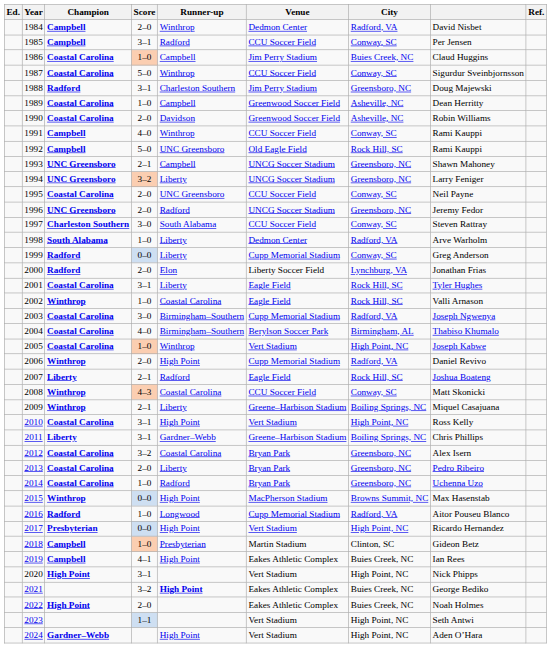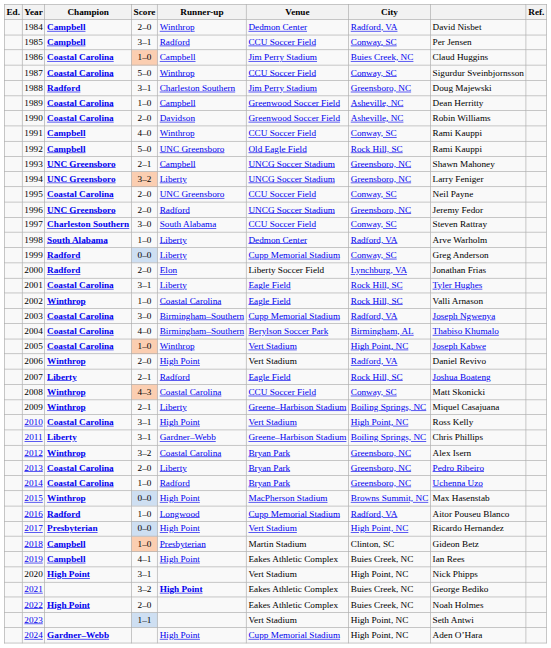 <table class="wikitable sortable"; style= "font-size:90%">
 <tr>
 <th width=px>Ed.</th>
 <th width=px>Year</th>
 <th width=px>Champion</th>
 <th width=px>Score</th>
 <th width=px>Runner-up</th>
 <th width=px>Venue</th>
 <th width=px>City</th>
 <th width=px></th>
 <th width=px>Ref.</th>
 </tr>
 <tr>
 <td></td>
 <td align=center>1984</td>
 <td><strong><a href='#'>Campbell</a></strong> </td>
 <td align=center>2–0</td>
 <td><a href='#'>Winthrop</a></td>
 <td><a href='#'>Dedmon Center</a></td>
 <td><a href='#'>Radford, VA</a></td>
 <td>David Nisbet </td>
 <td align=center></td>
 </tr>
 <tr>
 <td></td>
 <td align=center>1985</td>
 <td><strong><a href='#'>Campbell</a></strong> </td>
 <td align=center>3–1</td>
 <td><a href='#'>Radford</a></td>
 <td><a href='#'>CCU Soccer Field</a></td>
 <td><a href='#'>Conway, SC</a></td>
 <td>Per Jensen </td>
 <td align=center></td>
 </tr>
 <tr>
 <td></td>
 <td align=center>1986</td>
 <td><strong><a href='#'>Coastal Carolina</a></strong> </td>
 <td align=center style="background-color:#FBCEB1">1–0 </td>
 <td><a href='#'>Campbell</a></td>
 <td><a href='#'>Jim Perry Stadium</a></td>
 <td><a href='#'>Buies Creek, NC</a></td>
 <td>Claud Huggins </td>
 <td align=center></td>
 </tr>
 <tr>
 <td></td>
 <td align=center>1987</td>
 <td><strong><a href='#'>Coastal Carolina</a></strong> </td>
 <td align=center>5–0</td>
 <td><a href='#'>Winthrop</a></td>
 <td><a href='#'>CCU Soccer Field</a></td>
 <td><a href='#'>Conway, SC</a></td>
 <td>Sigurdur Sveinbjornsson </td>
 <td align=center></td>
 </tr>
 <tr>
 <td></td>
 <td align=center>1988</td>
 <td><strong><a href='#'>Radford</a></strong> </td>
 <td align=center>3–1</td>
 <td><a href='#'>Charleston Southern</a></td>
 <td><a href='#'>Jim Perry Stadium</a></td>
 <td><a href='#'>Greensboro, NC</a></td>
 <td>Doug Majewski </td>
 <td align=center></td>
 </tr>
 <tr>
 <td></td>
 <td align=center>1989</td>
 <td><strong><a href='#'>Coastal Carolina</a></strong> </td>
 <td align=center>1–0</td>
 <td><a href='#'>Campbell</a></td>
 <td><a href='#'>Greenwood Soccer Field</a></td>
 <td><a href='#'>Asheville, NC</a></td>
 <td>Dean Herritty </td>
 <td align=center></td>
 </tr>
 <tr>
 <td></td>
 <td align=center>1990</td>
 <td><strong><a href='#'>Coastal Carolina</a></strong> </td>
 <td align=center>2–0</td>
 <td><a href='#'>Davidson</a></td>
 <td><a href='#'>Greenwood Soccer Field</a></td>
 <td><a href='#'>Asheville, NC</a></td>
 <td>Robin Williams </td>
 <td align=center></td>
 </tr>
 <tr>
 <td></td>
 <td align=center>1991</td>
 <td><strong><a href='#'>Campbell</a></strong> </td>
 <td align=center>4–0</td>
 <td><a href='#'>Winthrop</a></td>
 <td><a href='#'>CCU Soccer Field</a></td>
 <td><a href='#'>Conway, SC</a></td>
 <td>Rami Kauppi </td>
 <td align=center></td>
 </tr>
 <tr>
 <td></td>
 <td align=center>1992</td>
 <td><strong><a href='#'>Campbell</a></strong> </td>
 <td align=center>5–0</td>
 <td><a href='#'>UNC Greensboro</a></td>
 <td><a href='#'>Old Eagle Field</a></td>
 <td><a href='#'>Rock Hill, SC</a></td>
 <td>Rami Kauppi </td>
 <td align=center></td>
 </tr>
 <tr>
 <td></td>
 <td align=center>1993</td>
 <td><strong><a href='#'>UNC Greensboro</a></strong> </td>
 <td align=center>2–1</td>
 <td><a href='#'>Campbell</a></td>
 <td><a href='#'>UNCG Soccer Stadium</a></td>
 <td><a href='#'>Greensboro, NC</a></td>
 <td>Shawn Mahoney </td>
 <td align=center></td>
 </tr>
 <tr>
 <td></td>
 <td align=center>1994</td>
 <td><strong><a href='#'>UNC Greensboro</a></strong> </td>
 <td align=center style="background-color:#FBCEB1">3–2 </td>
 <td><a href='#'>Liberty</a></td>
 <td><a href='#'>UNCG Soccer Stadium</a></td>
 <td><a href='#'>Greensboro, NC</a></td>
 <td>Larry Feniger </td>
 <td align=center></td>
 </tr>
 <tr>
 <td></td>
 <td align=center>1995</td>
 <td><strong><a href='#'>Coastal Carolina</a></strong> </td>
 <td align=center>2–0</td>
 <td><a href='#'>UNC Greensboro</a></td>
 <td><a href='#'>CCU Soccer Field</a></td>
 <td><a href='#'>Conway, SC</a></td>
 <td>Neil Payne </td>
 <td align=center></td>
 </tr>
 <tr>
 <td></td>
 <td align=center>1996</td>
 <td><strong><a href='#'>UNC Greensboro</a></strong> </td>
 <td align=center>2–0</td>
 <td><a href='#'>Radford</a></td>
 <td><a href='#'>UNCG Soccer Stadium</a></td>
 <td><a href='#'>Greensboro, NC</a></td>
 <td>Jeremy Fedor </td>
 <td align=center></td>
 </tr>
 <tr>
 <td></td>
 <td align=center>1997</td>
 <td><strong><a href='#'>Charleston Southern</a></strong></td>
 <td align=center>3–0</td>
 <td><a href='#'>South Alabama</a></td>
 <td><a href='#'>CCU Soccer Field</a></td>
 <td><a href='#'>Conway, SC</a></td>
 <td>Steven Rattray </td>
 <td align=center></td>
 </tr>
 <tr>
 <td></td>
 <td align=center>1998</td>
 <td><strong><a href='#'>South Alabama</a></strong></td>
 <td align=center>1–0</td>
 <td><a href='#'>Liberty</a></td>
 <td><a href='#'>Dedmon Center</a></td>
 <td><a href='#'>Radford, VA</a></td>
 <td>Arve Warholm </td>
 <td align=center></td>
 </tr>
 <tr>
 <td></td>
 <td align=center>1999</td>
 <td><strong><a href='#'>Radford</a></strong> </td>
 <td align=center style="background-color:#cedff2">0–0 </td>
 <td><a href='#'>Liberty</a></td>
 <td><a href='#'>Cupp Memorial Stadium</a></td>
 <td><a href='#'>Conway, SC</a></td>
 <td>Greg Anderson </td>
 <td align=center></td>
 </tr>
 <tr>
 <td></td>
 <td align=center>2000</td>
 <td><strong><a href='#'>Radford</a></strong> </td>
 <td align=center>2–0</td>
 <td><a href='#'>Elon</a></td>
 <td>Liberty Soccer Field</td>
 <td><a href='#'>Lynchburg, VA</a></td>
 <td>Jonathan Frias </td>
 <td align=center></td>
 </tr>
 <tr>
 <td></td>
 <td align=center>2001</td>
 <td><strong><a href='#'>Coastal Carolina</a></strong> </td>
 <td align=center>3–1</td>
 <td><a href='#'>Liberty</a></td>
 <td><a href='#'>Eagle Field</a></td>
 <td><a href='#'>Rock Hill, SC</a></td>
 <td><a href='#'>Tyler Hughes</a> </td>
 <td align=center></td>
 </tr>
 <tr>
 <td></td>
 <td align=center>2002</td>
 <td><strong><a href='#'>Winthrop</a></strong> </td>
 <td align=center>1–0</td>
 <td><a href='#'>Coastal Carolina</a></td>
 <td><a href='#'>Eagle Field</a></td>
 <td><a href='#'>Rock Hill, SC</a></td>
 <td>Valli Arnason </td>
 <td align=center></td>
 </tr>
 <tr>
 <td></td>
 <td align=center>2003</td>
 <td><strong><a href='#'>Coastal Carolina</a></strong> </td>
 <td align=center>3–0</td>
 <td><a href='#'>Birmingham–Southern</a></td>
 <td><a href='#'>Cupp Memorial Stadium</a></td>
 <td><a href='#'>Radford, VA</a></td>
 <td><a href='#'>Joseph Ngwenya</a> </td>
 <td align=center></td>
 </tr>
 <tr>
 <td></td>
 <td align=center>2004</td>
 <td><strong><a href='#'>Coastal Carolina</a></strong> </td>
 <td align=center>4–0</td>
 <td><a href='#'>Birmingham–Southern</a></td>
 <td><a href='#'>Berylson Soccer Park</a></td>
 <td><a href='#'>Birmingham, AL</a></td>
 <td><a href='#'>Thabiso Khumalo</a> </td>
 <td align=center></td>
 </tr>
 <tr>
 <td></td>
 <td align=center>2005</td>
 <td><strong><a href='#'>Coastal Carolina</a></strong> </td>
 <td align=center style="background-color:#FBCEB1">1–0 </td>
 <td><a href='#'>Winthrop</a></td>
 <td><a href='#'>Vert Stadium</a></td>
 <td><a href='#'>High Point, NC</a></td>
 <td><a href='#'>Joseph Kabwe</a> </td>
 <td align=center></td>
 </tr>
 <tr>
 <td></td>
 <td align=center>2006</td>
 <td><strong><a href='#'>Winthrop</a></strong> </td>
 <td align=center>2–0</td>
 <td><a href='#'>High Point</a></td>
-<td><a href='#'>Cupp Memorial Stadium</a></td>
+<td>Vert Stadium</td>
 <td><a href='#'>Radford, VA</a></td>
 <td>Daniel Revivo </td>
 <td align=center></td>
 </tr>
 <tr>
 <td></td>
 <td align=center>2007</td>
 <td><strong><a href='#'>Liberty</a></strong> </td>
 <td align=center>2–1</td>
 <td><a href='#'>Radford</a></td>
 <td><a href='#'>Eagle Field</a></td>
 <td><a href='#'>Rock Hill, SC</a></td>
 <td><a href='#'>Joshua Boateng</a> </td>
 <td align=center></td>
 </tr>
 <tr>
 <td></td>
 <td align=center>2008</td>
 <td><strong><a href='#'>Winthrop</a></strong> </td>
 <td align=center style="background-color:#FBCEB1">4–3 </td>
 <td><a href='#'>Coastal Carolina</a></td>
 <td><a href='#'>CCU Soccer Field</a></td>
 <td><a href='#'>Conway, SC</a></td>
 <td>Matt Skonicki </td>
 <td align=center></td>
 </tr>
 <tr>
 <td></td>
 <td align=center>2009</td>
 <td><strong><a href='#'>Winthrop</a></strong> </td>
 <td align=center>2–1</td>
 <td><a href='#'>Liberty</a></td>
 <td><a href='#'>Greene–Harbison Stadium</a></td>
 <td><a href='#'>Boiling Springs, NC</a></td>
 <td>Miquel Casajuana </td>
 <td align=center></td>
 </tr>
 <tr>
 <td></td>
 <td align=center><a href='#'>2010</a></td>
 <td><strong><a href='#'>Coastal Carolina</a></strong> </td>
 <td align=center>3–1</td>
 <td><a href='#'>High Point</a></td>
 <td><a href='#'>Vert Stadium</a></td>
 <td><a href='#'>High Point, NC</a></td>
 <td>Ross Kelly </td>
 <td align=center></td>
 </tr>
 <tr>
 <td></td>
 <td align=center><a href='#'>2011</a></td>
 <td><strong><a href='#'>Liberty</a></strong> </td>
 <td align=center>3–1</td>
 <td><a href='#'>Gardner–Webb</a></td>
 <td><a href='#'>Greene–Harbison Stadium</a></td>
 <td><a href='#'>Boiling Springs, NC</a></td>
 <td>Chris Phillips </td>
 <td align=center></td>
 </tr>
 <tr>
 <td></td>
 <td align=center><a href='#'>2012</a></td>
-<td><strong><a href='#'>Coastal Carolina</a></strong> </td>
+<td><strong><a href='#'>Winthrop</a></strong> </td>
 <td align=center>3–2</td>
 <td><a href='#'>Coastal Carolina</a></td>
 <td><a href='#'>Bryan Park</a></td>
 <td><a href='#'>Greensboro, NC</a></td>
 <td>Alex Isern </td>
 <td align=center></td>
 </tr>
 <tr>
 <td></td>
 <td align=center><a href='#'>2013</a></td>
 <td><strong><a href='#'>Coastal Carolina</a></strong> </td>
 <td align=center>2–0</td>
 <td><a href='#'>Liberty</a></td>
 <td><a href='#'>Bryan Park</a></td>
 <td><a href='#'>Greensboro, NC</a></td>
 <td><a href='#'>Pedro Ribeiro</a> </td>
 <td align=center></td>
 </tr>
 <tr>
 <td></td>
 <td align=center><a href='#'>2014</a></td>
 <td><strong><a href='#'>Coastal Carolina</a></strong> </td>
 <td align=center>1–0</td>
 <td><a href='#'>Radford</a></td>
 <td><a href='#'>Bryan Park</a></td>
 <td><a href='#'>Greensboro, NC</a></td>
 <td><a href='#'>Uchenna Uzo</a> </td>
 <td align=center></td>
 </tr>
 <tr>
 <td></td>
 <td align=center><a href='#'>2015</a></td>
 <td><strong><a href='#'>Winthrop</a></strong> </td>
 <td align=center style="background-color:#cedff2">0–0 </td>
 <td><a href='#'>High Point</a></td>
 <td><a href='#'>MacPherson Stadium</a></td>
 <td><a href='#'>Browns Summit, NC</a></td>
 <td>Max Hasenstab </td>
 <td align=center></td>
 </tr>
 <tr>
 <td></td>
 <td align=center><a href='#'>2016</a></td>
 <td><strong><a href='#'>Radford</a></strong> </td>
 <td align=center>1–0</td>
 <td><a href='#'>Longwood</a></td>
 <td><a href='#'>Cupp Memorial Stadium</a></td>
 <td><a href='#'>Radford, VA</a></td>
 <td>Aitor Pouseu Blanco </td>
 <td align=center></td>
 </tr>
 <tr>
 <td></td>
 <td align=center><a href='#'>2017</a></td>
 <td><strong><a href='#'>Presbyterian</a></strong></td>
 <td align=center style="background-color:#cedff2">0–0 </td>
 <td><a href='#'>High Point</a></td>
 <td><a href='#'>Vert Stadium</a></td>
 <td><a href='#'>High Point, NC</a></td>
 <td>Ricardo Hernandez </td>
 <td align=center></td>
 </tr>
 <tr>
 <td></td>
 <td align=center><a href='#'>2018</a></td>
 <td><strong><a href='#'>Campbell</a></strong> </td>
 <td align=center style="background-color:#FBCEB1">1–0 </td>
 <td><a href='#'>Presbyterian</a></td>
 <td>Martin Stadium</td>
 <td>Clinton, SC</td>
 <td>Gideon Betz </td>
 <td align=center></td>
 </tr>
 <tr>
 <td></td>
 <td align=center><a href='#'>2019</a></td>
 <td><strong><a href='#'>Campbell</a></strong> </td>
 <td align=center>4–1</td>
 <td><a href='#'>High Point</a></td>
 <td>Eakes Athletic Complex</td>
 <td>Buies Creek, NC</td>
 <td>Ian Rees </td>
 <td align=center></td>
 </tr>
 <tr>
 <td></td>
 <td align=center>2020</td>
 <td><strong><a href='#'>High Point</a></strong></td>
 <td align=center>3–1</td>
 <td></td>
 <td>Vert Stadium</td>
 <td>High Point, NC</td>
 <td>Nick Phipps </td>
 <td align=center></td>
 </tr>
 <tr>
 <td></td>
 <td align=center><a href='#'>2021</a></td>
 <td><strong></strong> </td>
 <td align=center>3–2</td>
 <td><strong><a href='#'>High Point</a></strong></td>
 <td>Eakes Athletic Complex</td>
 <td>Buies Creek, NC</td>
 <td>George Bediko </td>
 <td align=center></td>
 </tr>
 <tr>
 <td></td>
 <td align=center><a href='#'>2022</a></td>
 <td><strong><a href='#'>High Point</a></strong> </td>
 <td align=center>2–0</td>
 <td></td>
 <td>Eakes Athletic Complex</td>
 <td>Buies Creek, NC</td>
 <td>Noah Holmes </td>
 <td align=center></td>
 </tr>
 <tr>
 <td></td>
 <td align=center><a href='#'>2023</a></td>
 <td><strong></strong> </td>
 <td align=center style="background-color:#cedff2">1–1 </td>
 <td></td>
 <td>Vert Stadium</td>
 <td>High Point, NC</td>
 <td>Seth Antwi </td>
 <td align=center></td>
 </tr>
 <tr>
 <td></td>
 <td align=center><a href='#'>2024</a></td>
 <td><strong><a href='#'>Gardner–Webb</a></strong> </td>
 <td></td>
 <td><a href='#'>High Point</a></td>
-<td>Vert Stadium</td>
+<td><a href='#'>Cupp Memorial Stadium</a></td>
 <td>High Point, NC</td>
 <td>Aden O’Hara </td>
 <td align=center></td>
 </tr>
 </table>
